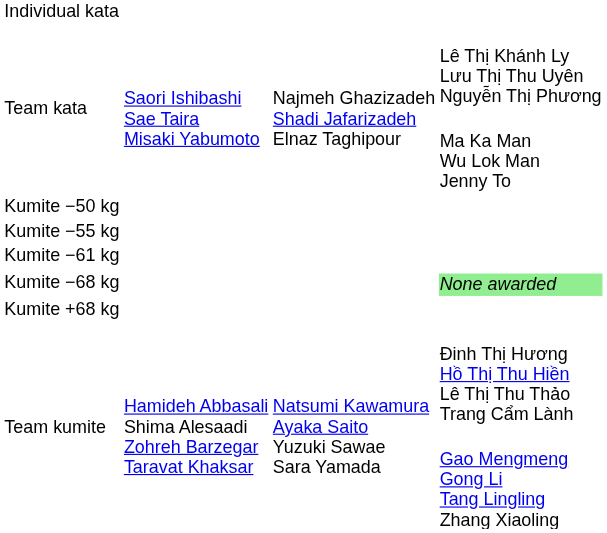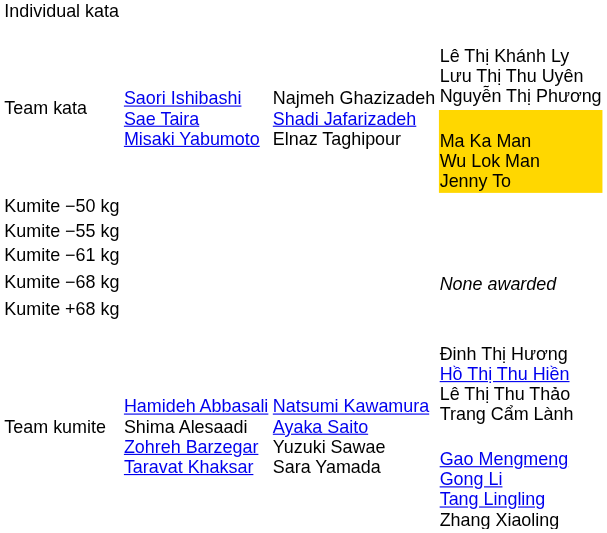 <table>
 <tr>
 <td rowspan=2>Individual kata</td>
 <td rowspan=2></td>
 <td rowspan=2></td>
 <td></td>
 </tr>
 <tr>
 <td></td>
 </tr>
 <tr>
 <td rowspan=2>Team kata</td>
 <td rowspan=2><br><a href='#'>Saori Ishibashi</a><br><a href='#'>Sae Taira</a><br><a href='#'>Misaki Yabumoto</a></td>
 <td rowspan=2><br>Najmeh Ghazizadeh<br><a href='#'>Shadi Jafarizadeh</a><br>Elnaz Taghipour</td>
 <td><br>Lê Thị Khánh Ly<br>Lưu Thị Thu Uyên<br>Nguyễn Thị Phương</td>
 </tr>
 <tr>
-<td><br>Ma Ka Man<br>Wu Lok Man<br>Jenny To</td>
+<td style="background: gold;"><br>Ma Ka Man<br>Wu Lok Man<br>Jenny To</td>
 </tr>
 <tr>
 <td rowspan=2>Kumite −50 kg</td>
 <td rowspan=2></td>
 <td rowspan=2></td>
 <td></td>
 </tr>
 <tr>
 <td></td>
 </tr>
 <tr>
 <td rowspan=2>Kumite −55 kg</td>
 <td rowspan=2></td>
 <td rowspan=2></td>
 <td></td>
 </tr>
 <tr>
 <td></td>
 </tr>
 <tr>
 <td rowspan=2>Kumite −61 kg</td>
 <td rowspan=2></td>
 <td rowspan=2></td>
 <td></td>
 </tr>
 <tr>
 <td></td>
 </tr>
 <tr>
 <td rowspan=2>Kumite −68 kg</td>
 <td rowspan=2></td>
 <td rowspan=2></td>
 <td></td>
 </tr>
 <tr>
-<td style="background: lightgreen;"><em>None awarded</em></td>
+<td><em>None awarded</em></td>
 </tr>
 <tr>
 <td rowspan=2>Kumite +68 kg</td>
 <td rowspan=2></td>
 <td rowspan=2></td>
 <td></td>
 </tr>
 <tr>
 <td></td>
 </tr>
 <tr>
 <td rowspan=2>Team kumite</td>
 <td rowspan=2><br><a href='#'>Hamideh Abbasali</a><br>Shima Alesaadi<br><a href='#'>Zohreh Barzegar</a><br><a href='#'>Taravat Khaksar</a></td>
 <td rowspan=2><br><a href='#'>Natsumi Kawamura</a><br><a href='#'>Ayaka Saito</a><br>Yuzuki Sawae<br>Sara Yamada</td>
 <td><br>Đinh Thị Hương<br><a href='#'>Hồ Thị Thu Hiền</a><br>Lê Thị Thu Thảo<br>Trang Cẩm Lành</td>
 </tr>
 <tr>
 <td><br><a href='#'>Gao Mengmeng</a><br><a href='#'>Gong Li</a><br><a href='#'>Tang Lingling</a><br>Zhang Xiaoling</td>
 </tr>
 </table>
